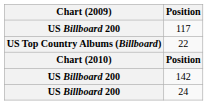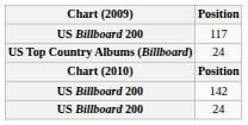 <table class="wikitable plainrowheaders" style="text-align:center">
 <tr>
 <th>Chart (2009)</th>
 <th>Position</th>
 </tr>
 <tr>
 <th scope="row">US <em>Billboard</em> 200</th>
 <td>117</td>
 </tr>
 <tr>
 <th scope="row">US Top Country Albums (<em>Billboard</em>)</th>
-<td>22</td>
+<td>24</td>
 </tr>
 <tr>
 <th>Chart (2010)</th>
 <th>Position</th>
 </tr>
 <tr>
 <th scope="row">US <em>Billboard</em> 200</th>
 <td>142</td>
 </tr>
 <tr>
 <th scope="row">US <em>Billboard</em> 200</th>
 <td>24</td>
 </tr>
 </table>
